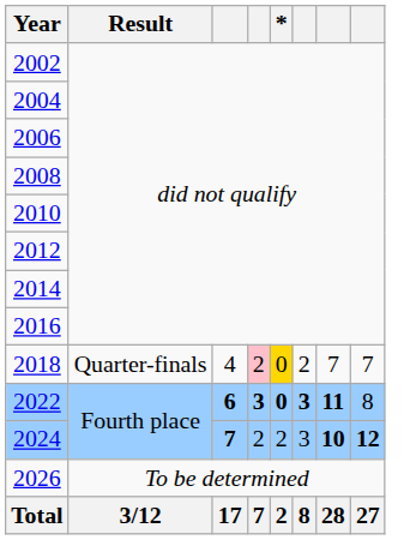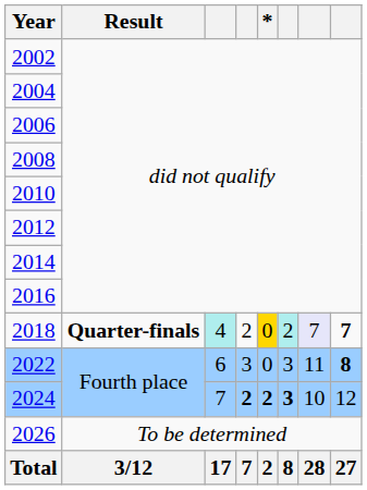 <table class="wikitable" style="text-align: center;">
 <tr>
 <th>Year</th>
 <th>Result</th>
 <th></th>
 <th></th>
 <th>*</th>
 <th></th>
 <th></th>
 <th></th>
 </tr>
 <tr>
 <td> <a href='#'>2002</a></td>
 <td colspan=7 rowspan=8><em>did not qualify</em></td>
 </tr>
 <tr>
 <td> <a href='#'>2004</a></td>
 </tr>
 <tr>
 <td> <a href='#'>2006</a></td>
 </tr>
 <tr>
 <td> <a href='#'>2008</a></td>
 </tr>
 <tr>
 <td> <a href='#'>2010</a></td>
 </tr>
 <tr>
 <td> <a href='#'>2012</a></td>
 </tr>
 <tr>
 <td> <a href='#'>2014</a></td>
 </tr>
 <tr>
 <td> <a href='#'>2016</a></td>
 </tr>
 <tr>
 <td> <a href='#'>2018</a></td>
-<td>Quarter-finals</td>
-<td>4</td>
-<td style="background: pink;">2</td>
+<td><strong>Quarter-finals</strong></td>
+<td style="background: paleturquoise;">4</td>
+<td>2</td>
 <td style="background: gold;">0</td>
-<td>2</td>
-<td>7</td>
-<td>7</td>
+<td style="background: paleturquoise;">2</td>
+<td style="background: lavender;">7</td>
+<td><strong>7</strong></td>
 </tr>
 <tr style="background:#9acdff">
 <td> <a href='#'>2022</a></td>
 <td rowspan=2>Fourth place</td>
-<td><strong>6</strong></td>
-<td><strong>3</strong></td>
-<td><strong>0</strong></td>
-<td><strong>3</strong></td>
-<td><strong>11</strong></td>
-<td>8</td>
+<td>6</td>
+<td>3</td>
+<td>0</td>
+<td>3</td>
+<td>11</td>
+<td><strong>8</strong></td>
 </tr>
 <tr style="background:#9acdff">
 <td> <a href='#'>2024</a></td>
-<td><strong>7</strong></td>
-<td>2</td>
-<td>2</td>
-<td>3</td>
-<td><strong>10</strong></td>
-<td><strong>12</strong></td>
+<td>7</td>
+<td><strong>2</strong></td>
+<td><strong>2</strong></td>
+<td><strong>3</strong></td>
+<td>10</td>
+<td>12</td>
 </tr>
 <tr>
 <td> <a href='#'>2026</a></td>
 <td colspan=8><em>To be determined</em></td>
 </tr>
 <tr>
 <th>Total</th>
 <th>3/12</th>
 <th>17</th>
 <th>7</th>
 <th>2</th>
 <th>8</th>
 <th>28</th>
 <th>27</th>
 </tr>
 </table>
